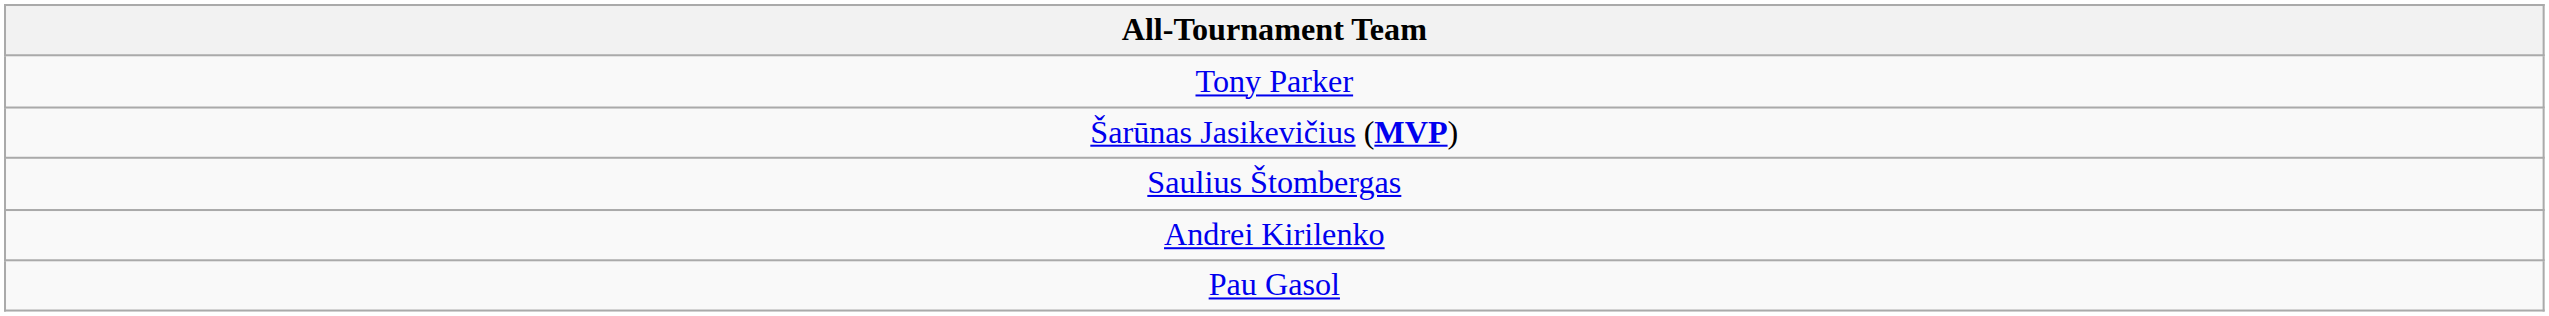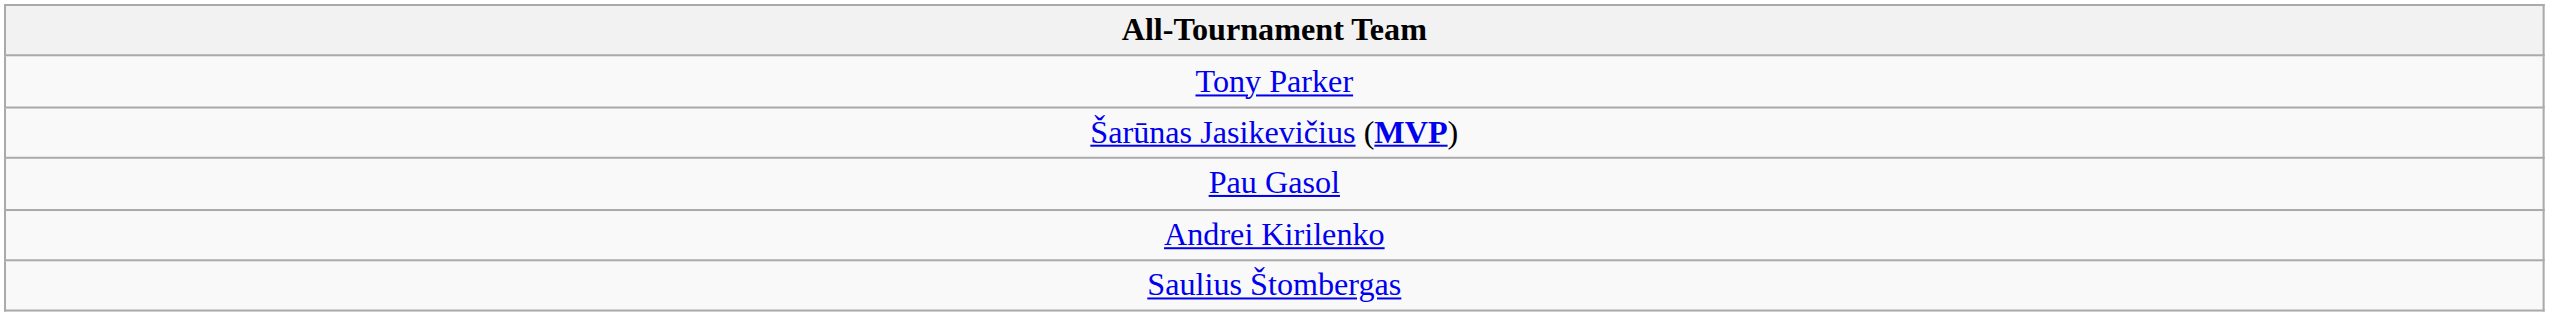 <table class="wikitable sortable" style="text-align:center; width: 100%">
 <tr>
 <th>All-Tournament Team</th>
 </tr>
 <tr>
 <td> <a href='#'>Tony Parker</a></td>
 </tr>
 <tr>
 <td> <a href='#'>Šarūnas Jasikevičius</a> (<strong><a href='#'>MVP</a></strong>)</td>
 </tr>
 <tr>
-<td> <a href='#'>Saulius Štombergas</a></td>
+<td> <a href='#'>Pau Gasol</a></td>
 </tr>
 <tr>
 <td> <a href='#'>Andrei Kirilenko</a></td>
 </tr>
 <tr>
-<td> <a href='#'>Pau Gasol</a></td>
+<td> <a href='#'>Saulius Štombergas</a></td>
 </tr>
 </table>
